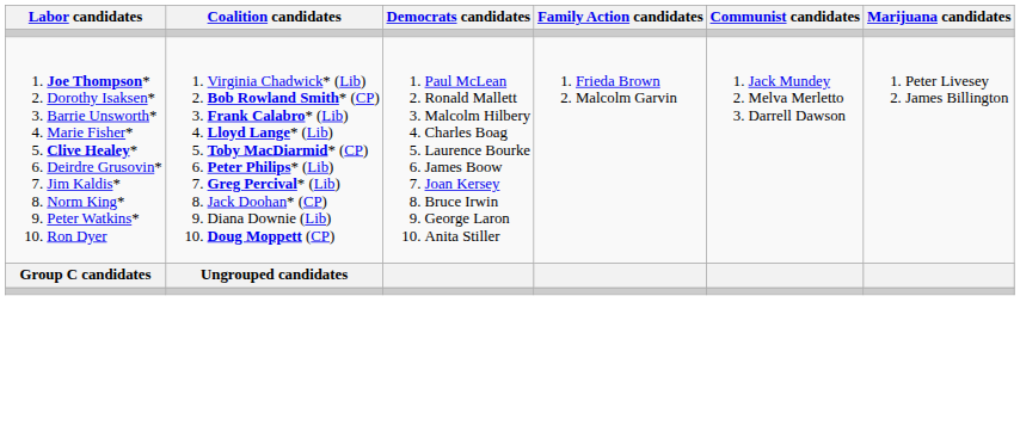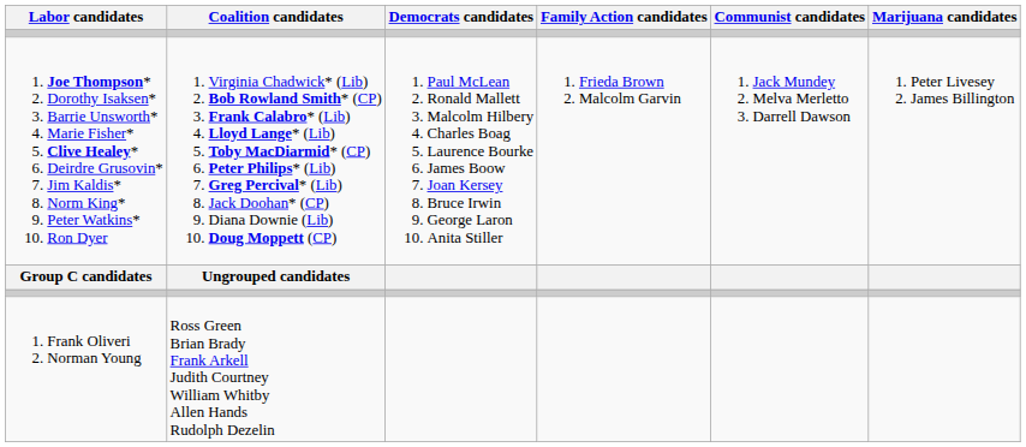 <table class="wikitable">
 <tr>
 <th><a href='#'>Labor</a> candidates</th>
 <th><a href='#'>Coalition</a> candidates</th>
 <th><a href='#'>Democrats</a> candidates</th>
 <th><a href='#'>Family Action</a> candidates</th>
 <th><a href='#'>Communist</a> candidates</th>
 <th><a href='#'>Marijuana</a> candidates</th>
 </tr>
 <tr bgcolor="#cccccc">
 <td></td>
 <td></td>
 <td></td>
 <td></td>
 <td></td>
 <td></td>
 </tr>
 <tr>
 <td><br><ol><li><strong><a href='#'>Joe Thompson</a></strong>*</li><li><a href='#'>Dorothy Isaksen</a>*</li><li><a href='#'>Barrie Unsworth</a>*</li><li><a href='#'>Marie Fisher</a>*</li><li><strong><a href='#'>Clive Healey</a></strong>*</li><li><a href='#'>Deirdre Grusovin</a>*</li><li><a href='#'>Jim Kaldis</a>*</li><li><a href='#'>Norm King</a>*</li><li><a href='#'>Peter Watkins</a>*</li><li><a href='#'>Ron Dyer</a></li></ol></td>
 <td><br><ol><li><a href='#'>Virginia Chadwick</a>* (<a href='#'>Lib</a>)</li><li><strong><a href='#'>Bob Rowland Smith</a></strong>* (<a href='#'>CP</a>)</li><li><strong><a href='#'>Frank Calabro</a></strong>* (<a href='#'>Lib</a>)</li><li><strong><a href='#'>Lloyd Lange</a></strong>* (<a href='#'>Lib</a>)</li><li><strong><a href='#'>Toby MacDiarmid</a></strong>* (<a href='#'>CP</a>)</li><li><strong><a href='#'>Peter Philips</a></strong>* (<a href='#'>Lib</a>)</li><li><strong><a href='#'>Greg Percival</a></strong>* (<a href='#'>Lib</a>)</li><li><a href='#'>Jack Doohan</a>* (<a href='#'>CP</a>)</li><li>Diana Downie (<a href='#'>Lib</a>)</li><li><strong><a href='#'>Doug Moppett</a></strong> (<a href='#'>CP</a>)</li></ol></td>
 <td valign=top><br><ol><li><a href='#'>Paul McLean</a></li><li>Ronald Mallett</li><li>Malcolm Hilbery</li><li>Charles Boag</li><li>Laurence Bourke</li><li>James Boow</li><li><a href='#'>Joan Kersey</a></li><li>Bruce Irwin</li><li>George Laron</li><li>Anita Stiller</li></ol></td>
 <td valign=top><br><ol><li><a href='#'>Frieda Brown</a></li><li>Malcolm Garvin</li></ol></td>
 <td valign=top><br><ol><li><a href='#'>Jack Mundey</a></li><li>Melva Merletto</li><li>Darrell Dawson</li></ol></td>
 <td valign=top><br><ol><li>Peter Livesey</li><li>James Billington</li></ol></td>
 </tr>
 <tr bgcolor="#cccccc">
 <th>Group C candidates</th>
 <th>Ungrouped candidates</th>
 <th></th>
 <th></th>
 <th></th>
 <th></th>
 </tr>
 <tr bgcolor="#cccccc">
 <td></td>
 <td></td>
 <td></td>
 <td></td>
 <td></td>
 <td></td>
 </tr>
+<tr>
+<td valign=top><br><ol><li>Frank Oliveri</li><li>Norman Young</li></ol></td>
+<td valign=top><br>Ross Green<br> Brian Brady<br> <a href='#'>Frank Arkell</a><br> Judith Courtney<br> William Whitby<br> Allen Hands<br> Rudolph Dezelin</td>
+<td valign=top></td>
+<td valign=top></td>
+<td valign=top></td>
+<td valign=top></td>
+</tr>
 </table>
